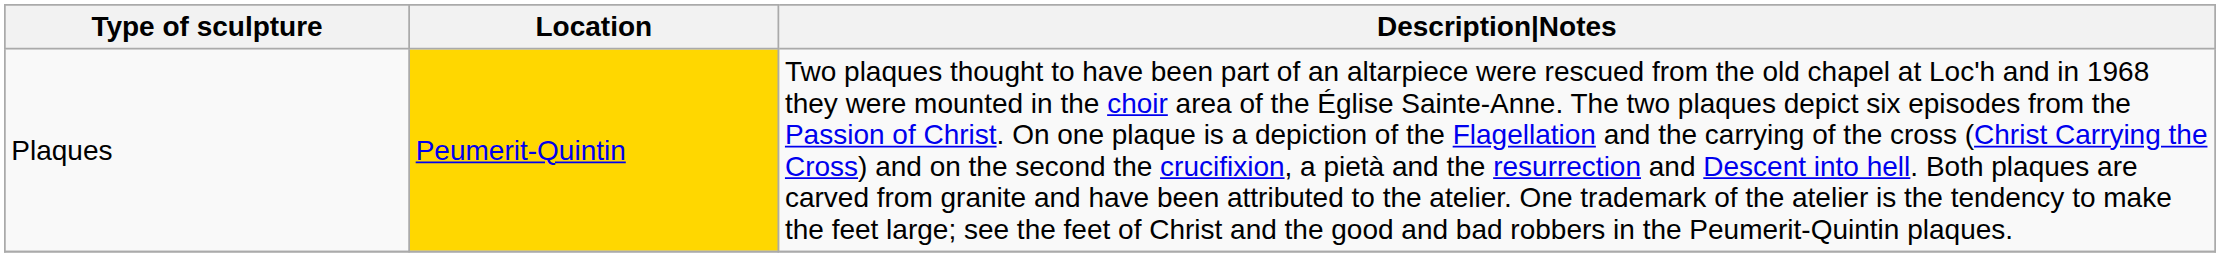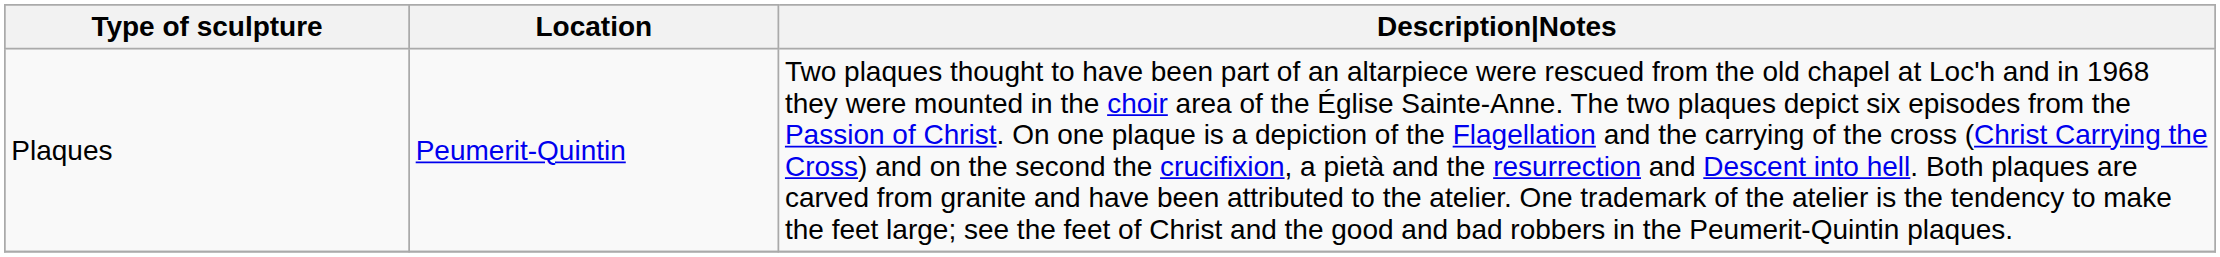 <table class="wikitable sortable" style="width:100%; margin-top:0.5em;">
 <tr>
 <th scope="col">Type of sculpture</th>
 <th scope="col">Location</th>
 <th scope="col" width="65%">Description|Notes</th>
 </tr>
 <tr>
 <td>Plaques</td>
-<td style="background: gold;"><a href='#'>Peumerit-Quintin</a></td>
+<td><a href='#'>Peumerit-Quintin</a></td>
 <td>Two plaques thought to have been part of an altarpiece were rescued from the old chapel at Loc'h and in 1968 they were mounted in the <a href='#'>choir</a> area of the Église Sainte-Anne. The two plaques depict six episodes from the <a href='#'>Passion of Christ</a>. On one plaque is a depiction of the <a href='#'>Flagellation</a> and the carrying of the cross (<a href='#'>Christ Carrying the Cross</a>) and on the second the <a href='#'>crucifixion</a>, a pietà and the <a href='#'>resurrection</a> and <a href='#'>Descent into hell</a>. Both plaques are carved from granite and have been attributed to the atelier. One trademark of the atelier is the tendency to make the feet large; see the feet of Christ and the good and bad robbers in the Peumerit-Quintin plaques.</td>
 </tr>
 <tr>
 </tr>
 </table>
